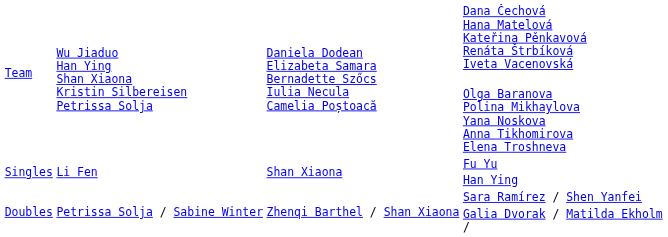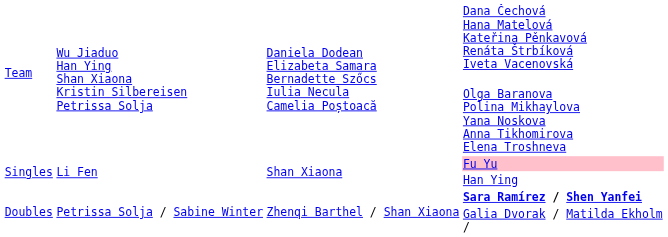 <table>
 <tr>
 <td rowspan=2><a href='#'>Team</a></td>
 <td rowspan=2><br><a href='#'>Wu Jiaduo</a><br><a href='#'>Han Ying</a><br><a href='#'>Shan Xiaona</a><br><a href='#'>Kristin Silbereisen</a><br><a href='#'>Petrissa Solja</a></td>
 <td rowspan=2><br><a href='#'>Daniela Dodean</a><br><a href='#'>Elizabeta Samara</a><br><a href='#'>Bernadette Szőcs</a><br><a href='#'>Iulia Necula</a><br><a href='#'>Camelia Poștoacă</a></td>
 <td><br><a href='#'>Dana Čechová</a><br><a href='#'>Hana Matelová</a><br><a href='#'>Kateřina Pěnkavová</a><br><a href='#'>Renáta Štrbíková</a><br><a href='#'>Iveta Vacenovská</a></td>
 </tr>
 <tr>
 <td><br><a href='#'>Olga Baranova</a><br><a href='#'>Polina Mikhaylova</a><br><a href='#'>Yana Noskova</a><br><a href='#'>Anna Tikhomirova</a><br><a href='#'>Elena Troshneva</a></td>
 </tr>
 <tr>
 <td rowspan=2><a href='#'>Singles</a></td>
 <td rowspan=2><a href='#'>Li Fen</a><br></td>
 <td rowspan=2><a href='#'>Shan Xiaona</a><br></td>
-<td><a href='#'>Fu Yu</a><br></td>
+<td style="background: pink;"><a href='#'>Fu Yu</a><br></td>
 </tr>
 <tr>
 <td><a href='#'>Han Ying</a><br></td>
 </tr>
 <tr>
 <td rowspan=2><a href='#'>Doubles</a></td>
 <td rowspan=2><a href='#'>Petrissa Solja</a> / <a href='#'>Sabine Winter</a><br></td>
 <td rowspan=2><a href='#'>Zhenqi Barthel</a> / <a href='#'>Shan Xiaona</a><br></td>
-<td><a href='#'> Sara Ramírez</a> / <a href='#'>Shen Yanfei</a><br></td>
+<td><strong><a href='#'> Sara Ramírez</a> / <a href='#'>Shen Yanfei</a><br></strong></td>
 </tr>
 <tr>
 <td><a href='#'>Galia Dvorak</a> / <a href='#'>Matilda Ekholm</a><br> / </td>
 </tr>
 </table>
